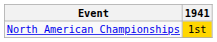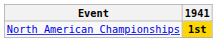 <table class="wikitable">
 <tr>
 <th>Event</th>
 <th>1941</th>
 </tr>
 <tr>
 <td><a href='#'>North American Championships</a></td>
-<td align="center" bgcolor="gold">1st</td>
+<td align="center" bgcolor="gold"><strong>1st</strong></td>
 </tr>
 </table>
